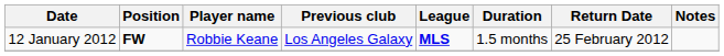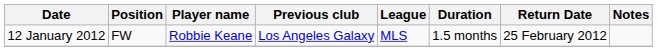 <table class="wikitable">
 <tr>
 <th>Date</th>
 <th>Position</th>
 <th>Player name</th>
 <th>Previous club</th>
 <th>League</th>
 <th>Duration</th>
 <th>Return Date</th>
 <th>Notes</th>
 </tr>
 <tr>
 <td>12 January 2012</td>
-<td><strong>FW</strong></td>
+<td>FW</td>
 <td> <a href='#'>Robbie Keane</a></td>
 <td> <a href='#'>Los Angeles Galaxy</a></td>
-<td><strong> <a href='#'>MLS</a></strong></td>
+<td> <a href='#'>MLS</a></td>
 <td>1.5 months</td>
 <td>25 February 2012</td>
 <td></td>
 </tr>
 <tr>
 </tr>
 </table>
